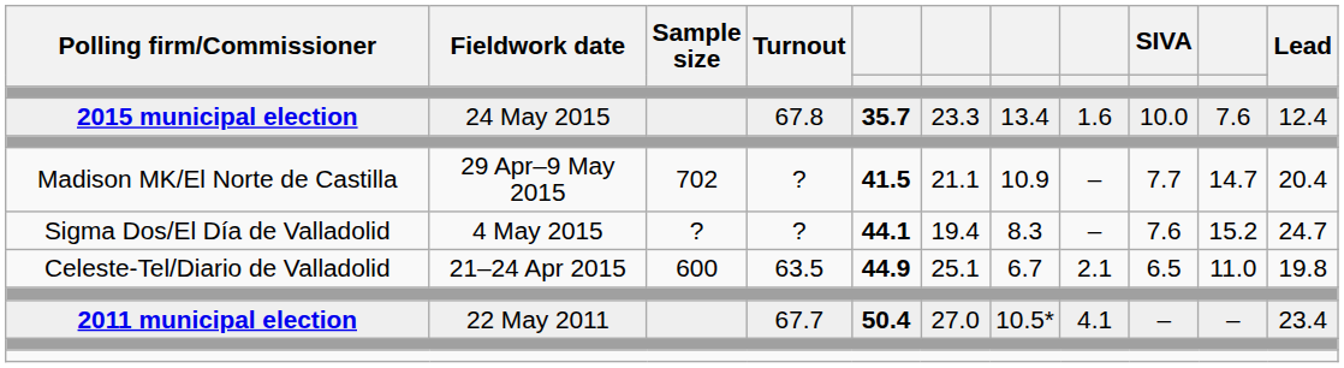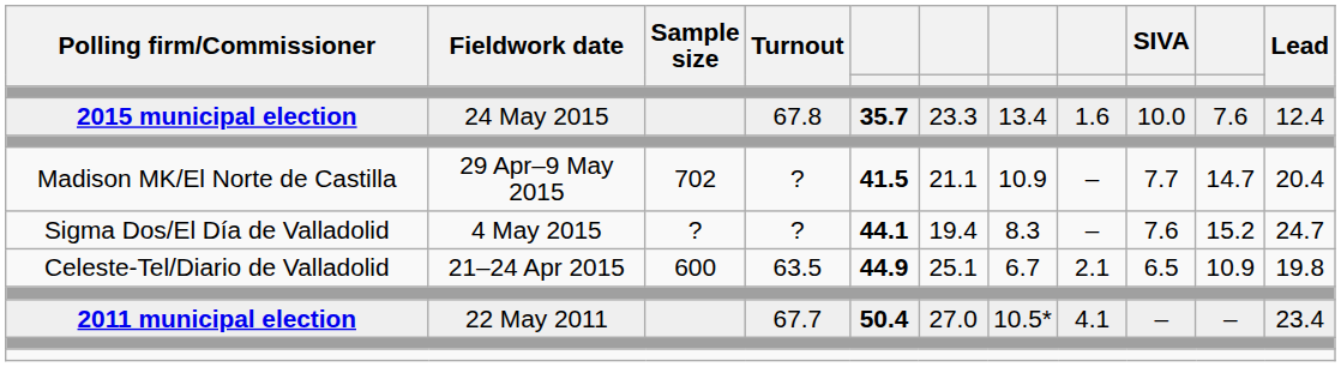 <table class="wikitable collapsible collapsed" style="text-align:center; font-size:95%; line-height:16px;">
 <tr style="height:42px;">
 <th style="width:250px;" rowspan="2">Polling firm/Commissioner</th>
 <th style="width:125px;" rowspan="2">Fieldwork date</th>
 <th style="width:50px;" rowspan="2">Sample size</th>
 <th style="width:45px;" rowspan="2">Turnout</th>
 <th style="width:35px;"></th>
 <th style="width:35px;"></th>
 <th style="width:35px;"></th>
 <th style="width:35px;"></th>
 <th style="width:35px;">SIVA</th>
 <th style="width:35px;"></th>
 <th style="width:30px;" rowspan="2">Lead</th>
 </tr>
 <tr>
 <th style="color:inherit;background:"></th>
 <th style="color:inherit;background:"></th>
 <th style="color:inherit;background:"></th>
 <th style="color:inherit;background:"></th>
 <th style="color:inherit;background:"></th>
 <th style="color:inherit;background:"></th>
 </tr>
 <tr>
 <td colspan="12" style="background:#A0A0A0"></td>
 </tr>
 <tr style="background:#EFEFEF;">
 <td><strong><a href='#'>2015 municipal election</a></strong></td>
 <td>24 May 2015</td>
 <td></td>
 <td>67.8</td>
 <td><strong>35.7</strong><br></td>
 <td>23.3<br></td>
 <td>13.4<br></td>
 <td>1.6<br></td>
 <td>10.0<br></td>
 <td>7.6<br></td>
 <td style="background:">12.4</td>
 </tr>
 <tr>
 <td colspan="12" style="background:#A0A0A0"></td>
 </tr>
 <tr>
 <td>Madison MK/El Norte de Castilla</td>
 <td>29 Apr–9 May 2015</td>
 <td>702</td>
 <td>?</td>
 <td><strong>41.5</strong><br></td>
 <td>21.1<br></td>
 <td>10.9<br></td>
 <td>–</td>
 <td>7.7<br></td>
 <td>14.7<br></td>
 <td style="background:">20.4</td>
 </tr>
 <tr>
 <td>Sigma Dos/El Día de Valladolid</td>
 <td>4 May 2015</td>
 <td>?</td>
 <td>?</td>
 <td><strong>44.1</strong><br></td>
 <td>19.4<br></td>
 <td>8.3<br></td>
 <td>–</td>
 <td>7.6<br></td>
 <td>15.2<br></td>
 <td style="background:">24.7</td>
 </tr>
 <tr>
 <td>Celeste-Tel/Diario de Valladolid</td>
 <td>21–24 Apr 2015</td>
 <td>600</td>
 <td>63.5</td>
 <td><strong>44.9</strong><br></td>
 <td>25.1<br></td>
 <td>6.7<br></td>
 <td>2.1<br></td>
 <td>6.5<br></td>
-<td>11.0<br></td>
+<td>10.9<br></td>
 <td style="background:">19.8</td>
 </tr>
 <tr>
 <td colspan="12" style="background:#A0A0A0"></td>
 </tr>
 <tr style="background:#EFEFEF;">
 <td><strong><a href='#'>2011 municipal election</a></strong></td>
 <td>22 May 2011</td>
 <td></td>
 <td>67.7</td>
 <td><strong>50.4</strong><br></td>
 <td>27.0<br></td>
 <td>10.5*<br></td>
 <td>4.1<br></td>
 <td>–</td>
 <td>–</td>
 <td style="background:">23.4</td>
 </tr>
 <tr>
 <td colspan="12" style="background:#A0A0A0"></td>
 </tr>
 <tr>
 <td align="left" colspan="12"></td>
 </tr>
 </table>
